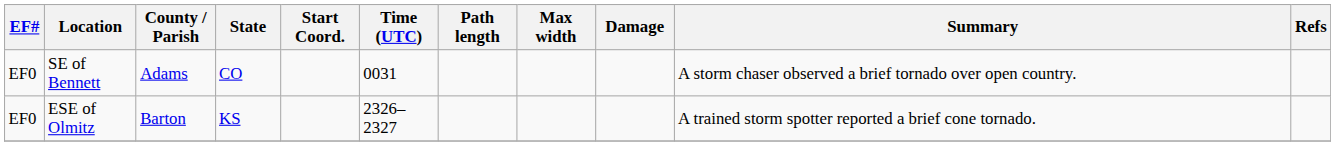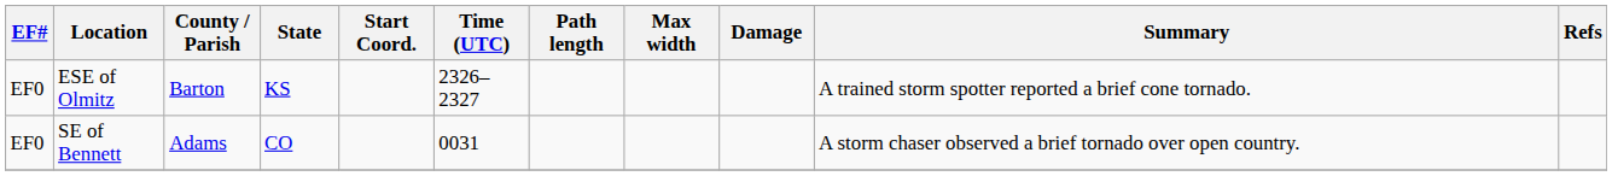 <table class="wikitable sortable" style="width:100%;">
 <tr>
 <th scope="col" width="3%" align="center"><a href='#'>EF#</a></th>
 <th scope="col" width="7%" align="center" class="unsortable">Location</th>
 <th scope="col" width="6%" align="center" class="unsortable">County / Parish</th>
 <th scope="col" width="5%" align="center">State</th>
 <th scope="col" width="6%" align="center">Start Coord.</th>
 <th scope="col" width="6%" align="center">Time (<a href='#'>UTC</a>)</th>
 <th scope="col" width="6%" align="center">Path length</th>
 <th scope="col" width="6%" align="center">Max width</th>
 <th scope="col" width="6%" align="center">Damage</th>
 <th scope="col" width="48%" class="unsortable" align="center">Summary</th>
 <th scope="col" width="48%" class="unsortable" align="center">Refs</th>
 </tr>
 <tr>
 <td>EF0</td>
+<td>ESE of <a href='#'>Olmitz</a></td>
+<td><a href='#'>Barton</a></td>
+<td><a href='#'>KS</a></td>
+<td></td>
+<td>2326–2327</td>
+<td></td>
+<td></td>
+<td></td>
+<td>A trained storm spotter reported a brief cone tornado.</td>
+<td></td>
+</tr>
+<tr>
+<td>EF0</td>
 <td>SE of <a href='#'>Bennett</a></td>
 <td><a href='#'>Adams</a></td>
 <td><a href='#'>CO</a></td>
 <td></td>
 <td>0031</td>
 <td></td>
 <td></td>
 <td></td>
 <td>A storm chaser observed a brief tornado over open country.</td>
 <td></td>
 </tr>
 <tr>
-<td>EF0</td>
-<td>ESE of <a href='#'>Olmitz</a></td>
-<td><a href='#'>Barton</a></td>
-<td><a href='#'>KS</a></td>
-<td></td>
-<td>2326–2327</td>
-<td></td>
-<td></td>
-<td></td>
-<td>A trained storm spotter reported a brief cone tornado.</td>
-<td></td>
-</tr>
-<tr>
 </tr>
 </table>
